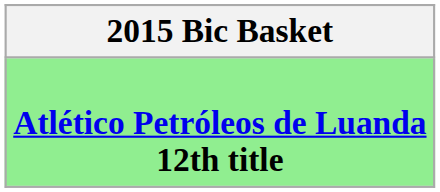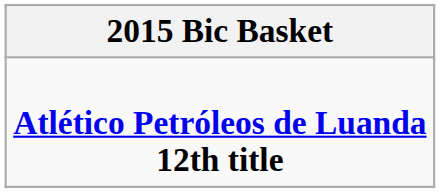 <table class=wikitable style="text-align:center; margin:auto">
 <tr>
 <th>2015 Bic Basket</th>
 </tr>
 <tr>
-<td style="background: lightgreen;"><br><strong><a href='#'>Atlético Petróleos de Luanda</a></strong><br><strong>12th title</strong></td>
+<td><br><strong><a href='#'>Atlético Petróleos de Luanda</a></strong><br><strong>12th title</strong></td>
 </tr>
 </table>
